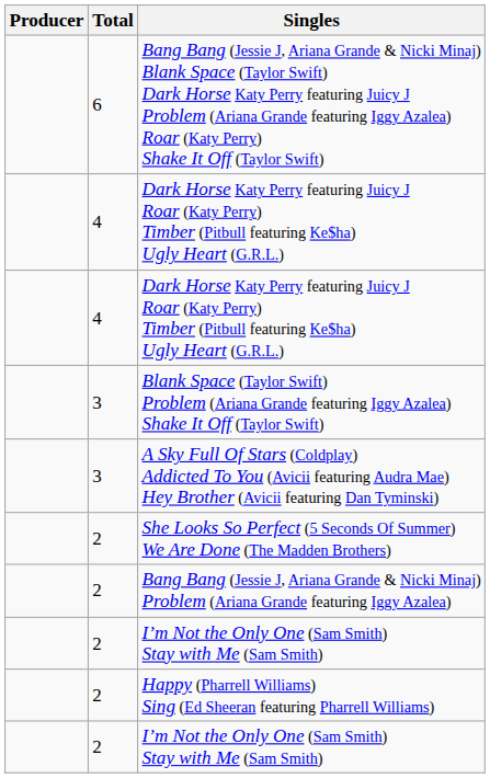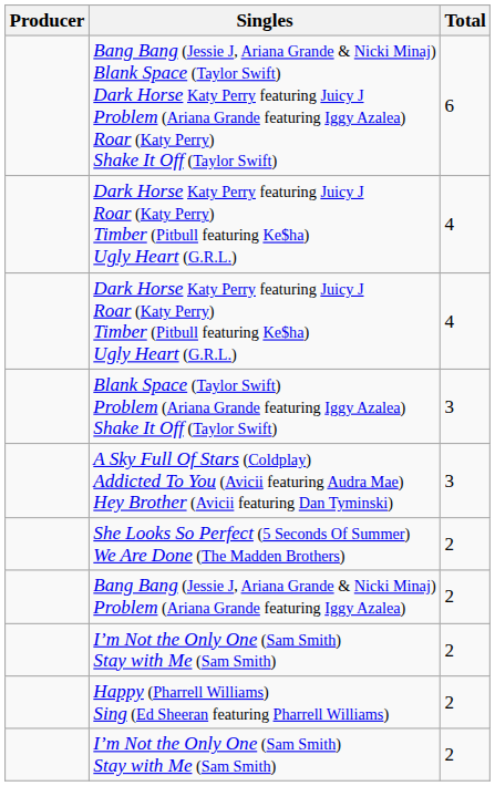 <table class="wikitable sortable" style="font-size:97%;">
 <tr>
 <th>Producer</th>
+<th>Singles</th>
 <th>Total</th>
-<th>Singles</th>
 </tr>
 <tr>
 <td></td>
+<td><em><a href='#'>Bang Bang</a></em><small> (<a href='#'>Jessie J</a>, <a href='#'>Ariana Grande</a> & <a href='#'>Nicki Minaj</a>)</small><br><em><a href='#'>Blank Space</a></em><small> (<a href='#'>Taylor Swift</a>)</small><br><em><a href='#'>Dark Horse</a></em><small> <a href='#'>Katy Perry</a> featuring <a href='#'>Juicy J</a></small><br><em><a href='#'>Problem</a></em><small> (<a href='#'>Ariana Grande</a> featuring <a href='#'>Iggy Azalea</a>)</small><br><em><a href='#'>Roar</a></em><small> (<a href='#'>Katy Perry</a>)</small><br><em><a href='#'>Shake It Off</a></em><small> (<a href='#'>Taylor Swift</a>)</small></td>
 <td>6</td>
-<td><em><a href='#'>Bang Bang</a></em><small> (<a href='#'>Jessie J</a>, <a href='#'>Ariana Grande</a> & <a href='#'>Nicki Minaj</a>)</small><br><em><a href='#'>Blank Space</a></em><small> (<a href='#'>Taylor Swift</a>)</small><br><em><a href='#'>Dark Horse</a></em><small> <a href='#'>Katy Perry</a> featuring <a href='#'>Juicy J</a></small><br><em><a href='#'>Problem</a></em><small> (<a href='#'>Ariana Grande</a> featuring <a href='#'>Iggy Azalea</a>)</small><br><em><a href='#'>Roar</a></em><small> (<a href='#'>Katy Perry</a>)</small><br><em><a href='#'>Shake It Off</a></em><small> (<a href='#'>Taylor Swift</a>)</small></td>
 </tr>
 <tr>
 <td></td>
+<td><em><a href='#'>Dark Horse</a></em><small> <a href='#'>Katy Perry</a> featuring <a href='#'>Juicy J</a></small><br><em><a href='#'>Roar</a></em><small> (<a href='#'>Katy Perry</a>)</small><br><em><a href='#'>Timber</a></em><small> (<a href='#'>Pitbull</a> featuring <a href='#'>Ke$ha</a>)</small><br><em><a href='#'>Ugly Heart</a></em><small> (<a href='#'>G.R.L.</a>)</small></td>
 <td>4</td>
-<td><em><a href='#'>Dark Horse</a></em><small> <a href='#'>Katy Perry</a> featuring <a href='#'>Juicy J</a></small><br><em><a href='#'>Roar</a></em><small> (<a href='#'>Katy Perry</a>)</small><br><em><a href='#'>Timber</a></em><small> (<a href='#'>Pitbull</a> featuring <a href='#'>Ke$ha</a>)</small><br><em><a href='#'>Ugly Heart</a></em><small> (<a href='#'>G.R.L.</a>)</small></td>
 </tr>
 <tr>
 <td></td>
+<td><em><a href='#'>Dark Horse</a></em><small> <a href='#'>Katy Perry</a> featuring <a href='#'>Juicy J</a></small><br><em><a href='#'>Roar</a></em><small> (<a href='#'>Katy Perry</a>)</small><br><em><a href='#'>Timber</a></em><small> (<a href='#'>Pitbull</a> featuring <a href='#'>Ke$ha</a>)</small><br><em><a href='#'>Ugly Heart</a></em><small> (<a href='#'>G.R.L.</a>)</small></td>
 <td>4</td>
-<td><em><a href='#'>Dark Horse</a></em><small> <a href='#'>Katy Perry</a> featuring <a href='#'>Juicy J</a></small><br><em><a href='#'>Roar</a></em><small> (<a href='#'>Katy Perry</a>)</small><br><em><a href='#'>Timber</a></em><small> (<a href='#'>Pitbull</a> featuring <a href='#'>Ke$ha</a>)</small><br><em><a href='#'>Ugly Heart</a></em><small> (<a href='#'>G.R.L.</a>)</small></td>
 </tr>
 <tr>
 <td></td>
+<td><em><a href='#'>Blank Space</a></em><small> (<a href='#'>Taylor Swift</a>)</small><br><em><a href='#'>Problem</a></em><small> (<a href='#'>Ariana Grande</a> featuring <a href='#'>Iggy Azalea</a>)</small><br><em><a href='#'>Shake It Off</a></em><small> (<a href='#'>Taylor Swift</a>)</small></td>
 <td>3</td>
-<td><em><a href='#'>Blank Space</a></em><small> (<a href='#'>Taylor Swift</a>)</small><br><em><a href='#'>Problem</a></em><small> (<a href='#'>Ariana Grande</a> featuring <a href='#'>Iggy Azalea</a>)</small><br><em><a href='#'>Shake It Off</a></em><small> (<a href='#'>Taylor Swift</a>)</small></td>
 </tr>
 <tr>
 <td></td>
+<td><em><a href='#'>A Sky Full Of Stars</a></em><small> (<a href='#'>Coldplay</a>)</small><br><em><a href='#'>Addicted To You</a></em><small> (<a href='#'>Avicii</a> featuring <a href='#'>Audra Mae</a>)</small><br><em><a href='#'>Hey Brother</a></em><small> (<a href='#'>Avicii</a> featuring <a href='#'>Dan Tyminski</a>)</small></td>
 <td>3</td>
-<td><em><a href='#'>A Sky Full Of Stars</a></em><small> (<a href='#'>Coldplay</a>)</small><br><em><a href='#'>Addicted To You</a></em><small> (<a href='#'>Avicii</a> featuring <a href='#'>Audra Mae</a>)</small><br><em><a href='#'>Hey Brother</a></em><small> (<a href='#'>Avicii</a> featuring <a href='#'>Dan Tyminski</a>)</small></td>
 </tr>
 <tr>
 <td></td>
+<td><em><a href='#'>She Looks So Perfect</a></em><small> (<a href='#'>5 Seconds Of Summer</a>)</small><br><em><a href='#'>We Are Done</a></em><small> (<a href='#'>The Madden Brothers</a>)</small></td>
 <td>2</td>
-<td><em><a href='#'>She Looks So Perfect</a></em><small> (<a href='#'>5 Seconds Of Summer</a>)</small><br><em><a href='#'>We Are Done</a></em><small> (<a href='#'>The Madden Brothers</a>)</small></td>
 </tr>
 <tr>
 <td></td>
+<td><em><a href='#'>Bang Bang</a></em><small> (<a href='#'>Jessie J</a>, <a href='#'>Ariana Grande</a> & <a href='#'>Nicki Minaj</a>)</small><br><em><a href='#'>Problem</a></em><small> (<a href='#'>Ariana Grande</a> featuring <a href='#'>Iggy Azalea</a>)</small><br></td>
 <td>2</td>
-<td><em><a href='#'>Bang Bang</a></em><small> (<a href='#'>Jessie J</a>, <a href='#'>Ariana Grande</a> & <a href='#'>Nicki Minaj</a>)</small><br><em><a href='#'>Problem</a></em><small> (<a href='#'>Ariana Grande</a> featuring <a href='#'>Iggy Azalea</a>)</small><br></td>
 </tr>
 <tr>
 <td></td>
+<td><em><a href='#'>I’m Not the Only One</a></em><small> (<a href='#'>Sam Smith</a>)</small><br><em><a href='#'>Stay with Me</a></em><small> (<a href='#'>Sam Smith</a>)</small><br></td>
 <td>2</td>
-<td><em><a href='#'>I’m Not the Only One</a></em><small> (<a href='#'>Sam Smith</a>)</small><br><em><a href='#'>Stay with Me</a></em><small> (<a href='#'>Sam Smith</a>)</small><br></td>
 </tr>
 <tr>
 <td></td>
+<td><em><a href='#'>Happy</a></em><small> (<a href='#'>Pharrell Williams</a>)</small><br><em><a href='#'>Sing</a></em><small> (<a href='#'>Ed Sheeran</a> featuring <a href='#'>Pharrell Williams</a>)</small><br></td>
 <td>2</td>
-<td><em><a href='#'>Happy</a></em><small> (<a href='#'>Pharrell Williams</a>)</small><br><em><a href='#'>Sing</a></em><small> (<a href='#'>Ed Sheeran</a> featuring <a href='#'>Pharrell Williams</a>)</small><br></td>
 </tr>
 <tr>
 <td></td>
+<td><em><a href='#'>I’m Not the Only One</a></em><small> (<a href='#'>Sam Smith</a>)</small><br><em><a href='#'>Stay with Me</a></em><small> (<a href='#'>Sam Smith</a>)</small><br></td>
 <td>2</td>
-<td><em><a href='#'>I’m Not the Only One</a></em><small> (<a href='#'>Sam Smith</a>)</small><br><em><a href='#'>Stay with Me</a></em><small> (<a href='#'>Sam Smith</a>)</small><br></td>
 </tr>
 </table>
